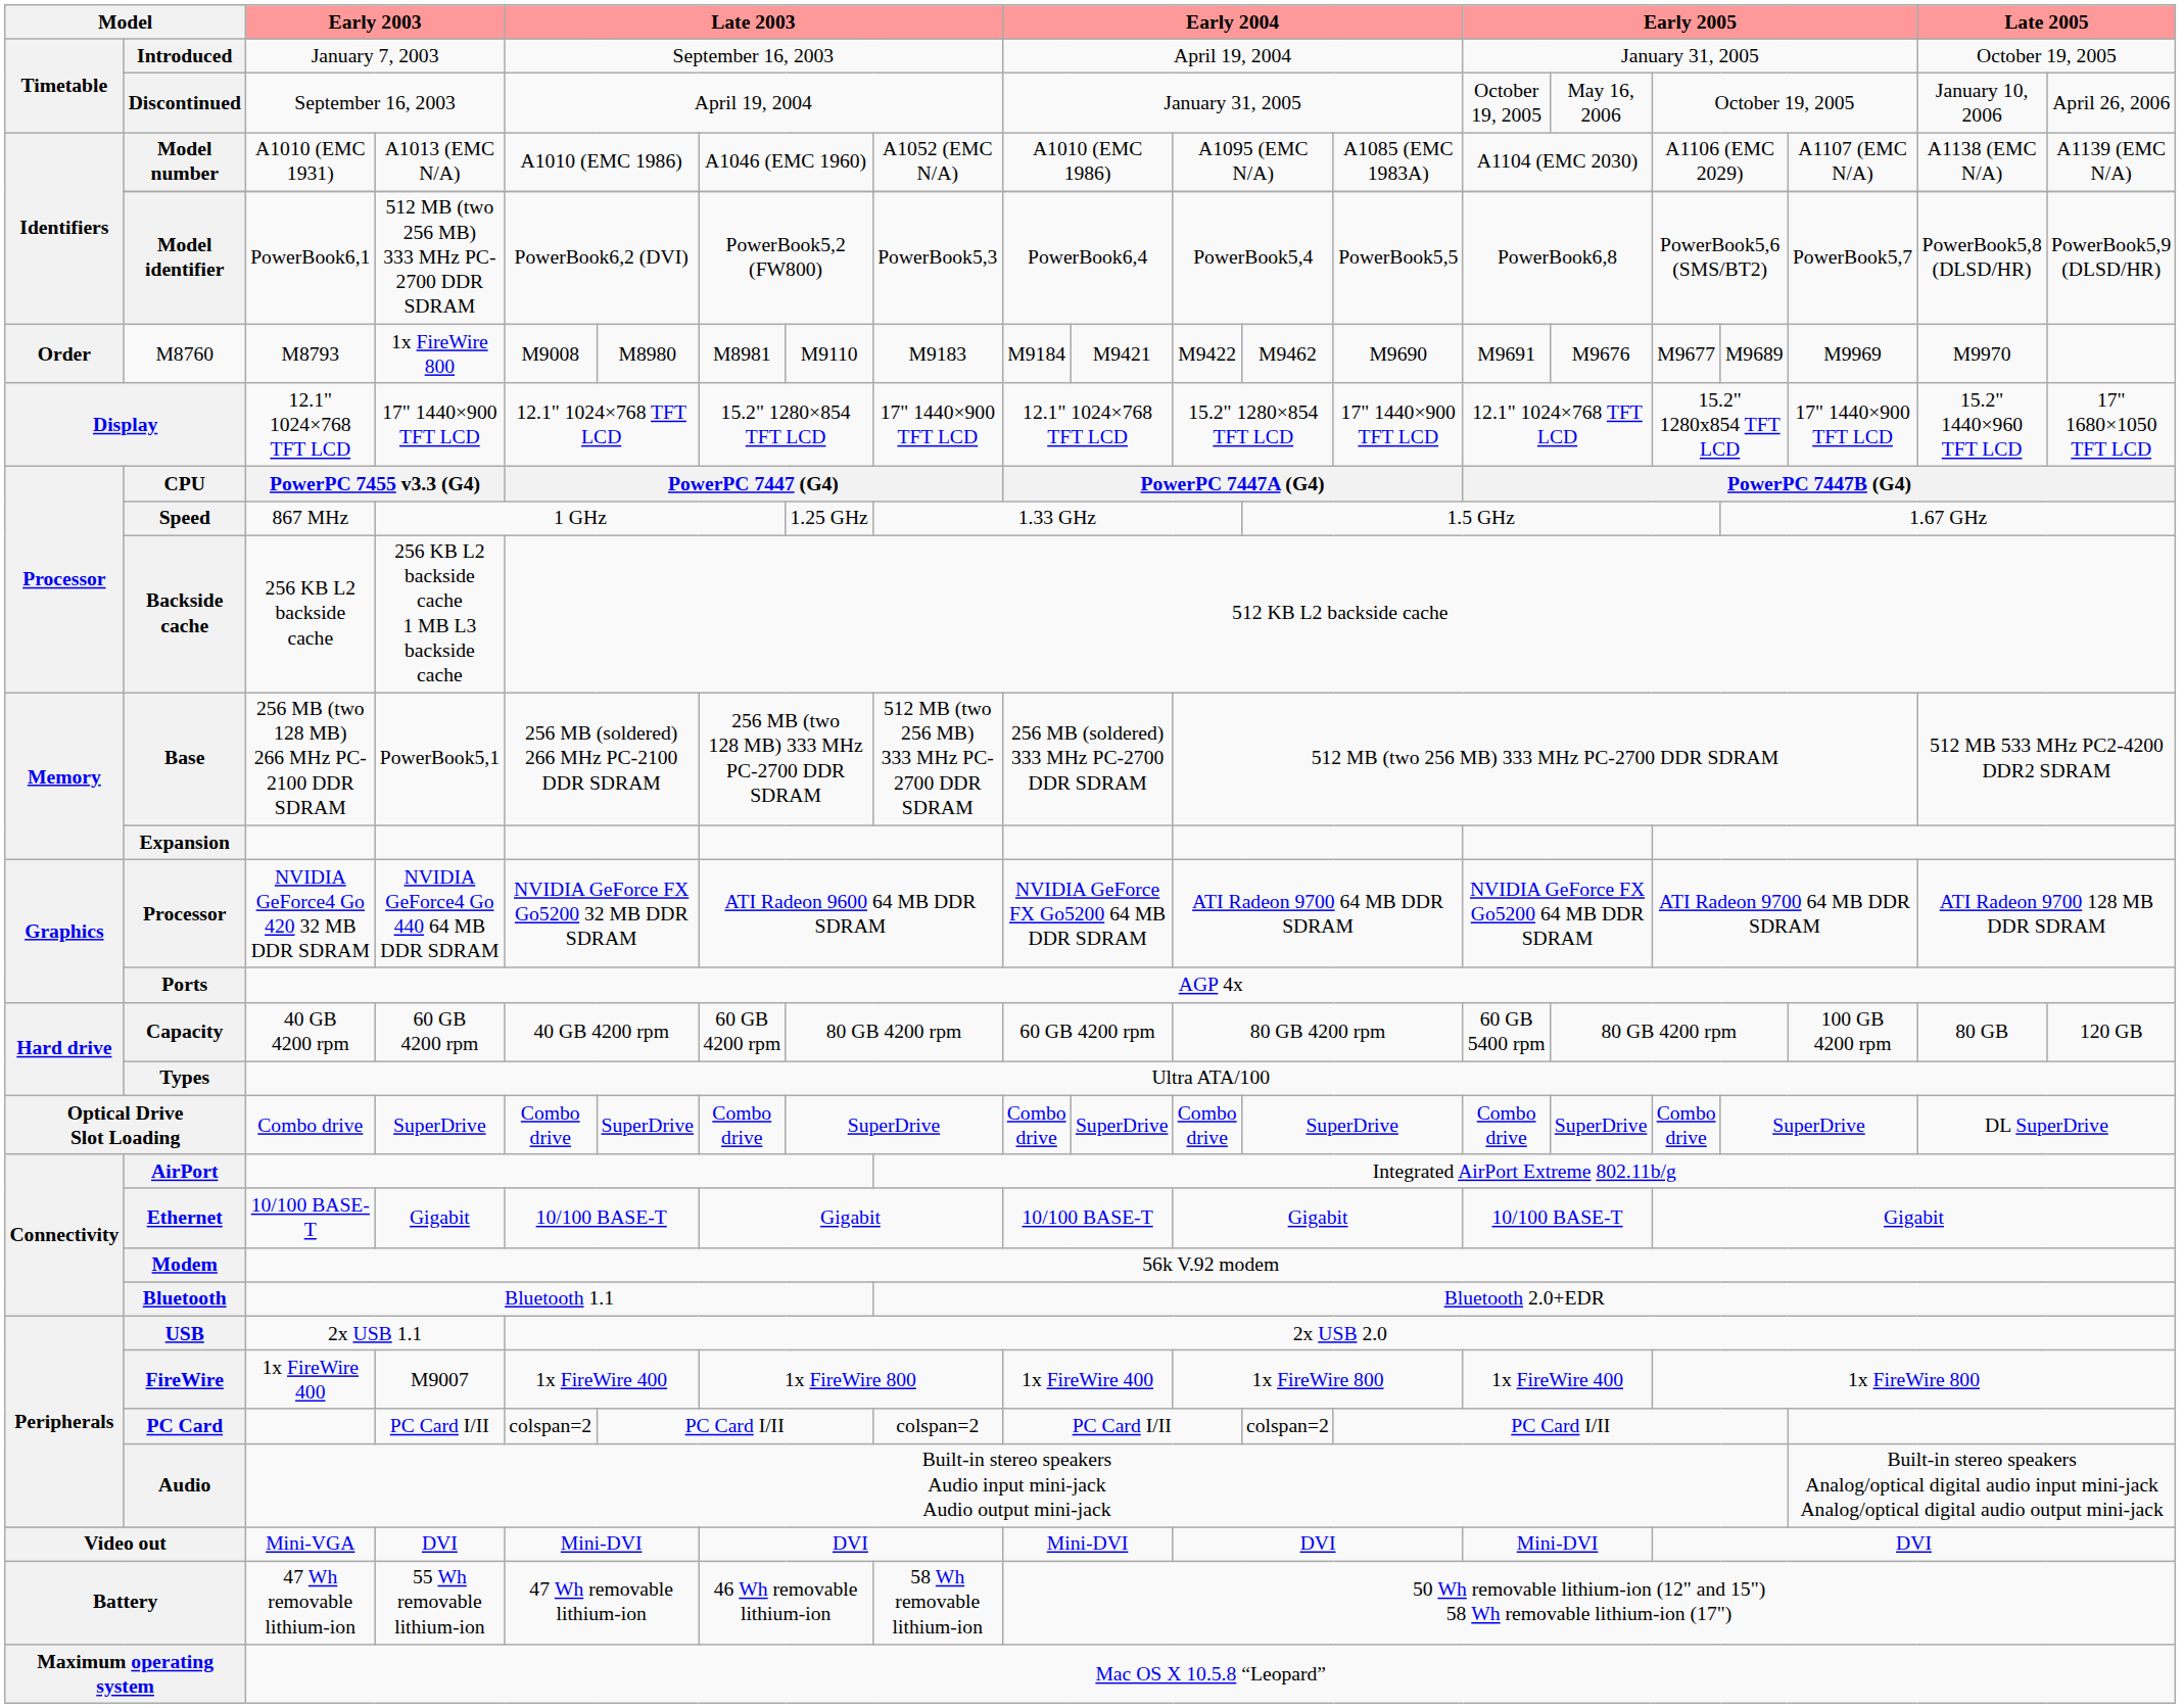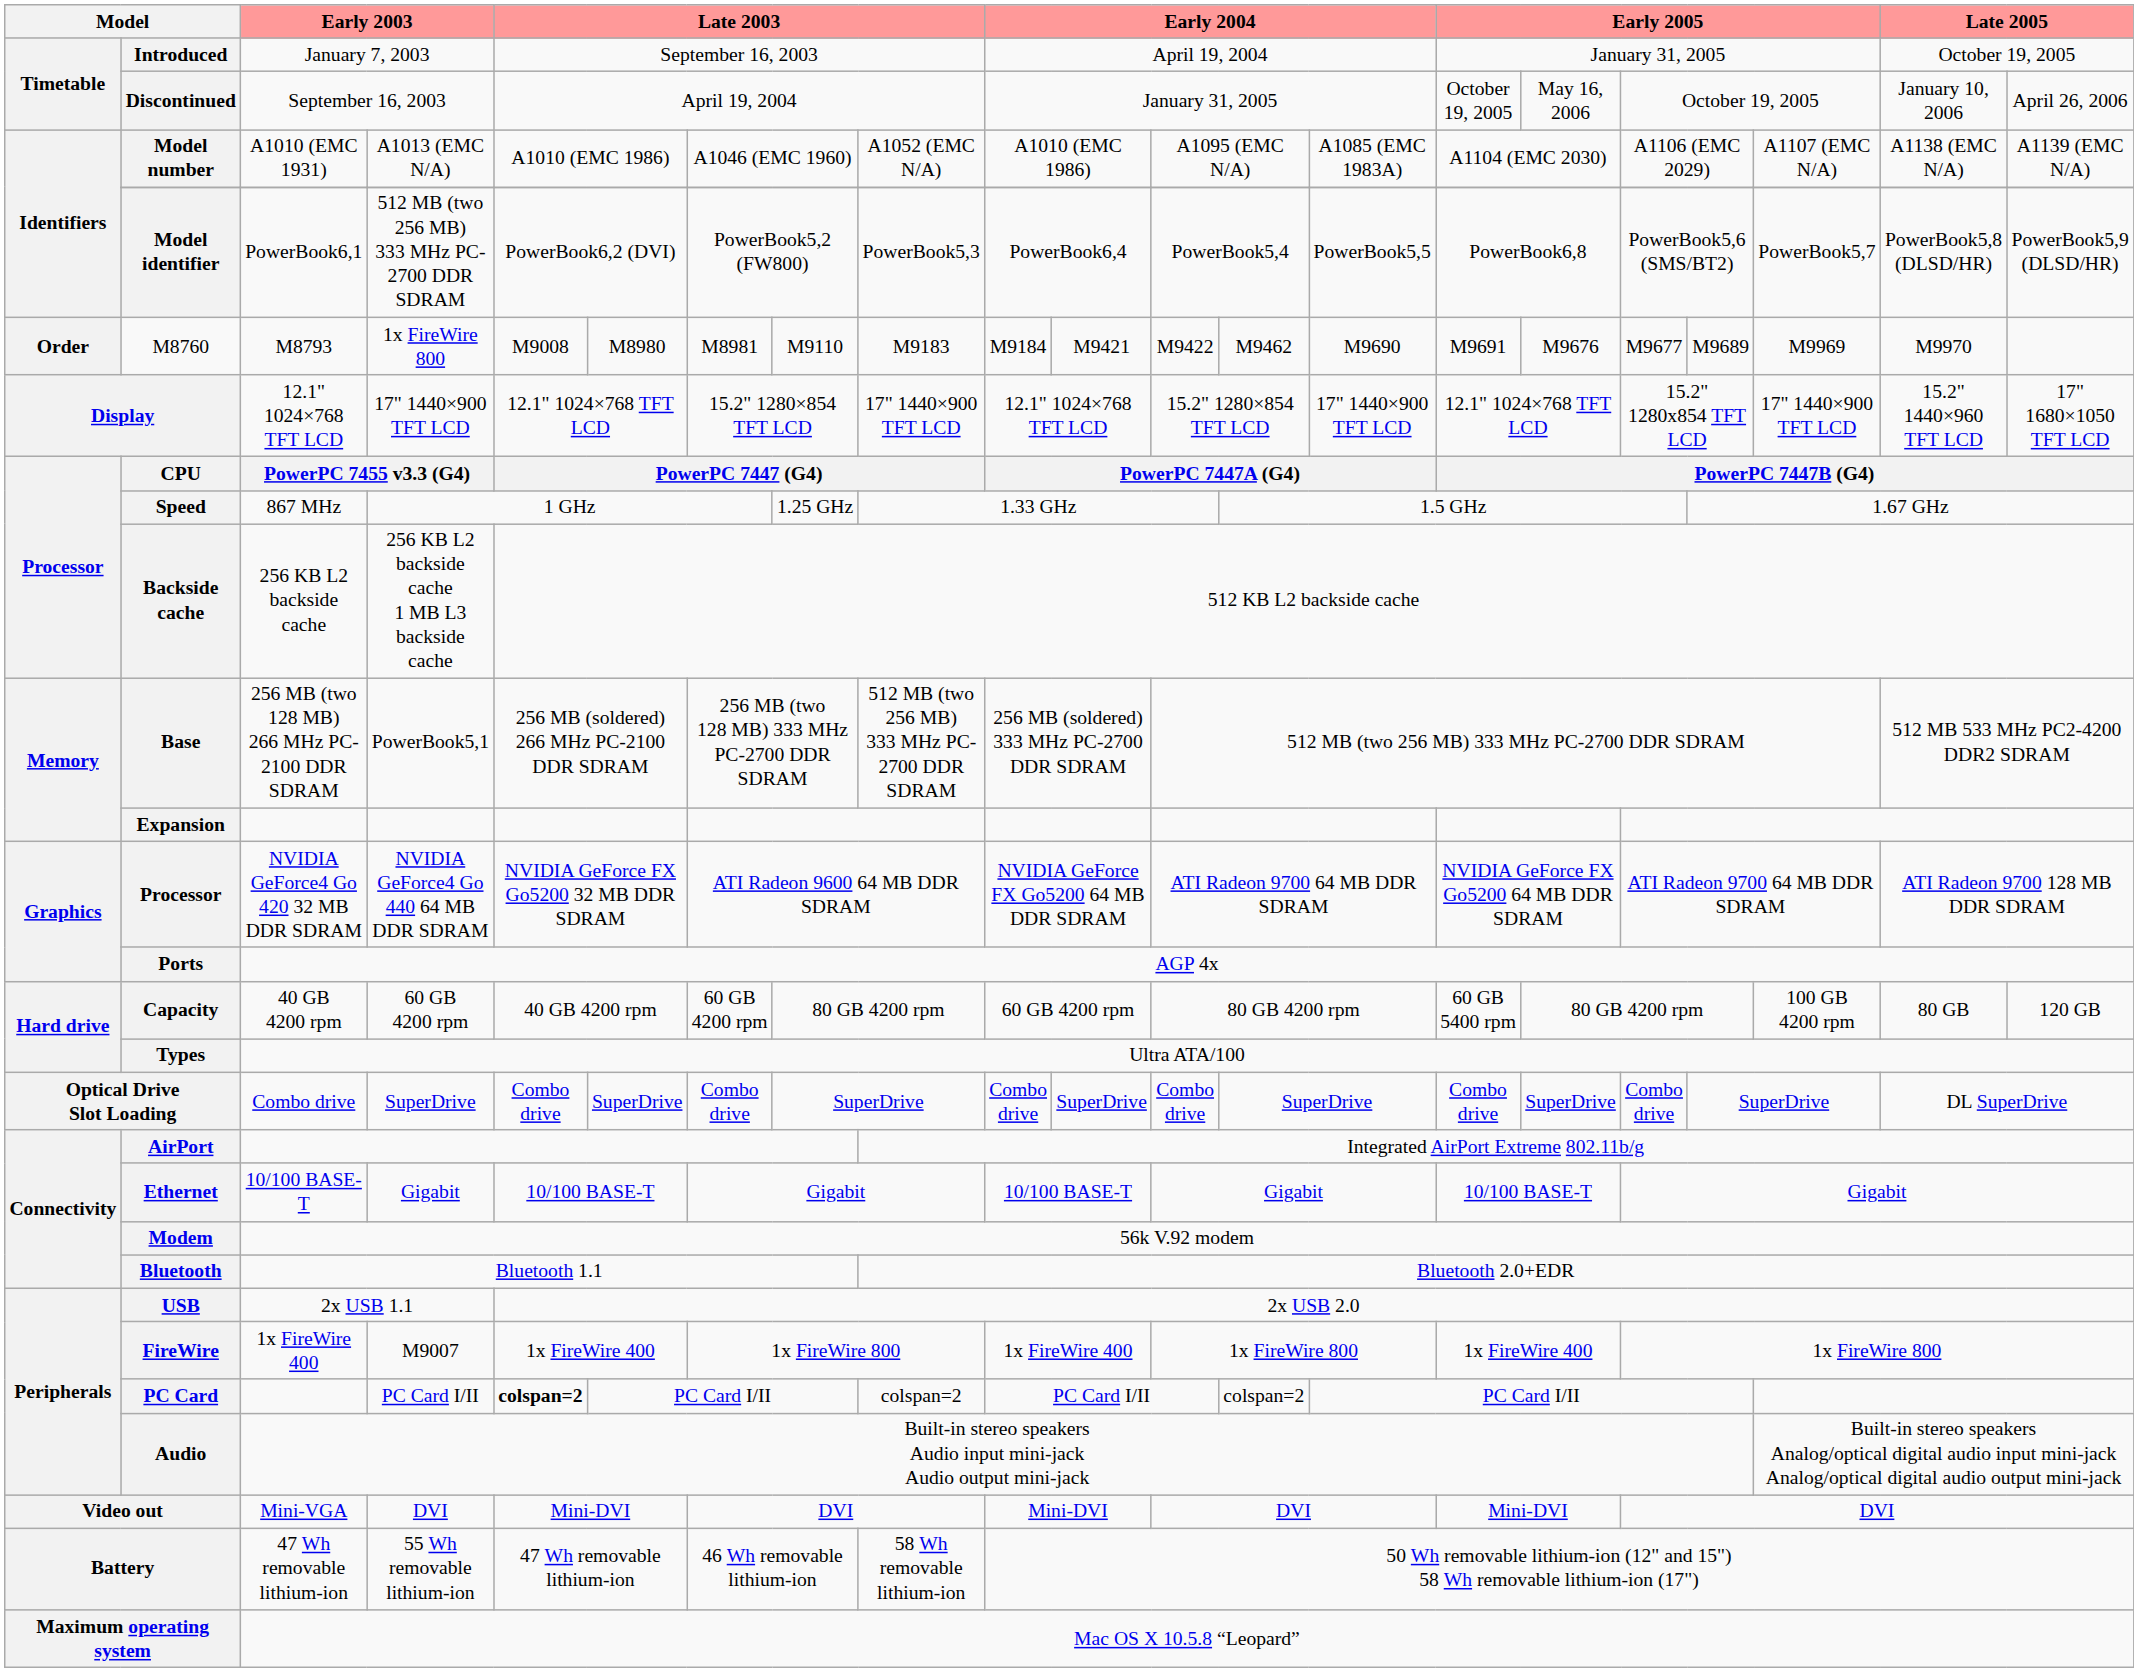 <table class="wikitable mw-collapsible" style="font-size:small; text-align:center">
 <tr>
 <th colspan=2>Model</th>
 <th colspan=2 style="background:#FF9999">Early 2003</th>
 <th colspan=5 style="background:#FF9999">Late 2003</th>
 <th colspan=5 style="background:#FF9999">Early 2004</th>
 <th colspan=5 style="background:#FF9999">Early 2005</th>
 <th colspan=2 style="background:#FF9999">Late 2005</th>
 </tr>
 <tr>
 <th rowspan=2>Timetable</th>
 <th>Introduced</th>
 <td colspan=2>January 7, 2003</td>
 <td colspan=5>September 16, 2003</td>
 <td colspan=5>April 19, 2004</td>
 <td colspan=5>January 31, 2005</td>
 <td colspan=2>October 19, 2005</td>
 </tr>
 <tr>
 <th>Discontinued</th>
 <td colspan=2>September 16, 2003</td>
 <td colspan=5>April 19, 2004</td>
 <td colspan=5>January 31, 2005</td>
 <td>October 19, 2005</td>
 <td>May 16, 2006</td>
 <td colspan=3>October 19, 2005</td>
 <td>January 10, 2006</td>
 <td>April 26, 2006</td>
 </tr>
 <tr>
 <th rowspan=3>Identifiers</th>
 <th>Model number</th>
 <td>A1010 (EMC 1931)</td>
 <td>A1013 (EMC N/A)</td>
 <td colspan=2>A1010 (EMC 1986)</td>
 <td colspan=2>A1046 (EMC 1960)</td>
 <td>A1052 (EMC N/A)</td>
 <td colspan=2>A1010 (EMC 1986)</td>
 <td colspan=2>A1095 (EMC N/A)</td>
 <td>A1085 (EMC 1983A)</td>
 <td colspan=2>A1104 (EMC 2030)</td>
 <td colspan=2>A1106 (EMC 2029)</td>
 <td>A1107 (EMC N/A)</td>
 <td>A1138 (EMC N/A)</td>
 <td>A1139 (EMC N/A)</td>
 </tr>
 <tr>
 </tr>
 <tr>
 <th>Model identifier</th>
 <td>PowerBook6,1</td>
 <td>512 MB (two 256 MB) 333 MHz PC-2700 DDR SDRAM</td>
 <td colspan=2>PowerBook6,2 (DVI)</td>
 <td colspan=2>PowerBook5,2 (FW800)</td>
 <td>PowerBook5,3</td>
 <td colspan=2>PowerBook6,4</td>
 <td colspan=2>PowerBook5,4</td>
 <td>PowerBook5,5</td>
 <td colspan=2>PowerBook6,8</td>
 <td colspan=2>PowerBook5,6 (SMS/BT2)</td>
 <td>PowerBook5,7</td>
 <td>PowerBook5,8 (DLSD/HR)</td>
 <td>PowerBook5,9 (DLSD/HR)</td>
 </tr>
 <tr>
 <th>Order</th>
 <td>M8760</td>
 <td>M8793</td>
 <td>1x <a href='#'>FireWire 800</a></td>
 <td>M9008</td>
 <td>M8980</td>
 <td>M8981</td>
 <td>M9110</td>
 <td>M9183</td>
 <td>M9184</td>
 <td>M9421</td>
 <td>M9422</td>
 <td>M9462</td>
 <td>M9690</td>
 <td>M9691</td>
 <td>M9676</td>
 <td>M9677</td>
 <td>M9689</td>
 <td>M9969</td>
 <td>M9970</td>
 </tr>
 <tr>
 <th colspan=2><a href='#'>Display</a></th>
 <td>12.1" 1024×768 <a href='#'>TFT LCD</a></td>
 <td>17" 1440×900 <a href='#'>TFT LCD</a></td>
 <td colspan=2>12.1" 1024×768 <a href='#'>TFT LCD</a></td>
 <td colspan=2>15.2" 1280×854 <a href='#'>TFT LCD</a></td>
 <td>17" 1440×900 <a href='#'>TFT LCD</a></td>
 <td colspan=2>12.1" 1024×768 <a href='#'>TFT LCD</a></td>
 <td colspan=2>15.2" 1280×854 <a href='#'>TFT LCD</a></td>
 <td>17" 1440×900 <a href='#'>TFT LCD</a></td>
 <td colspan=2>12.1" 1024×768 <a href='#'>TFT LCD</a></td>
 <td colspan=2>15.2" 1280x854  <a href='#'>TFT LCD</a></td>
 <td>17" 1440×900 <a href='#'>TFT LCD</a></td>
 <td>15.2" 1440×960 <a href='#'>TFT LCD</a></td>
 <td>17" 1680×1050 <a href='#'>TFT LCD</a></td>
 </tr>
 <tr>
 <th rowspan=3><a href='#'>Processor</a></th>
 <th>CPU</th>
 <th colspan=2><a href='#'>PowerPC 7455</a> v3.3 (G4)</th>
 <th colspan=5><a href='#'>PowerPC 7447</a> (G4)</th>
 <th colspan=5><a href='#'>PowerPC 7447A</a> (G4)</th>
 <th colspan=7><a href='#'>PowerPC 7447B</a> (G4)</th>
 </tr>
 <tr>
 <th>Speed</th>
 <td>867 MHz</td>
 <td colspan=4>1 GHz</td>
 <td>1.25 GHz</td>
 <td colspan=4>1.33 GHz</td>
 <td colspan=5>1.5 GHz</td>
 <td colspan=4>1.67 GHz</td>
 </tr>
 <tr>
 <th>Backside cache</th>
 <td>256 KB L2 backside cache</td>
 <td>256 KB L2 backside cache<br>1 MB L3 backside cache</td>
 <td colspan=17>512 KB L2 backside cache</td>
 </tr>
 <tr>
 <th rowspan=2><a href='#'>Memory</a></th>
 <th>Base</th>
 <td>256 MB (two 128 MB) 266 MHz PC-2100 DDR SDRAM</td>
 <td>PowerBook5,1</td>
 <td colspan=2>256 MB (soldered) 266 MHz PC-2100 DDR SDRAM</td>
 <td colspan=2>256 MB (two 128 MB) 333 MHz PC-2700 DDR SDRAM</td>
 <td>512 MB (two 256 MB) 333 MHz PC-2700 DDR SDRAM</td>
 <td colspan=2>256 MB (soldered) 333 MHz PC-2700 DDR SDRAM</td>
 <td colspan=8>512 MB (two 256 MB) 333 MHz PC-2700 DDR SDRAM</td>
 <td colspan=2>512 MB 533 MHz PC2-4200 DDR2 SDRAM</td>
 </tr>
 <tr>
 <th>Expansion</th>
 <td></td>
 <td></td>
 <td colspan=2></td>
 <td colspan=3></td>
 <td colspan=2></td>
 <td colspan=3></td>
 <td colspan=2></td>
 <td colspan=5></td>
 </tr>
 <tr>
 <th rowspan=2><a href='#'>Graphics</a></th>
 <th>Processor</th>
 <td><a href='#'>NVIDIA GeForce4 Go 420</a> 32 MB DDR SDRAM</td>
 <td><a href='#'>NVIDIA GeForce4 Go 440</a> 64 MB DDR SDRAM</td>
 <td colspan=2><a href='#'>NVIDIA GeForce FX Go5200</a> 32 MB DDR SDRAM</td>
 <td colspan=3><a href='#'>ATI Radeon 9600</a> 64 MB DDR SDRAM</td>
 <td colspan=2><a href='#'>NVIDIA GeForce FX Go5200</a> 64 MB DDR SDRAM</td>
 <td colspan=3><a href='#'>ATI Radeon 9700</a> 64 MB DDR SDRAM<br></td>
 <td colspan=2><a href='#'>NVIDIA GeForce FX Go5200</a> 64 MB DDR SDRAM</td>
 <td colspan=3><a href='#'>ATI Radeon 9700</a> 64 MB DDR SDRAM<br></td>
 <td colspan=2><a href='#'>ATI Radeon 9700</a> 128 MB DDR SDRAM</td>
 </tr>
 <tr>
 <th>Ports</th>
 <td colspan=19><a href='#'>AGP</a> 4x</td>
 </tr>
 <tr>
 <th rowspan=2><a href='#'>Hard drive</a></th>
 <th>Capacity</th>
 <td>40 GB 4200 rpm</td>
 <td>60 GB 4200 rpm</td>
 <td colspan=2>40 GB 4200 rpm</td>
 <td>60 GB 4200 rpm</td>
 <td colspan=2>80 GB 4200 rpm</td>
 <td colspan=2>60 GB 4200 rpm</td>
 <td colspan=3>80 GB 4200 rpm</td>
 <td>60 GB 5400 rpm</td>
 <td colspan=3>80 GB 4200 rpm</td>
 <td>100 GB 4200 rpm</td>
 <td>80 GB</td>
 <td>120 GB</td>
 </tr>
 <tr>
 <th>Types</th>
 <td colspan=19>Ultra ATA/100</td>
 </tr>
 <tr>
 <th colspan=2>Optical Drive<br>Slot Loading</th>
 <td><a href='#'>Combo drive</a></td>
 <td><a href='#'>SuperDrive</a></td>
 <td><a href='#'>Combo drive</a></td>
 <td><a href='#'>SuperDrive</a></td>
 <td><a href='#'>Combo drive</a></td>
 <td colspan=2><a href='#'>SuperDrive</a></td>
 <td><a href='#'>Combo drive</a></td>
 <td><a href='#'>SuperDrive</a></td>
 <td><a href='#'>Combo drive</a></td>
 <td colspan=2><a href='#'>SuperDrive</a></td>
 <td><a href='#'>Combo drive</a></td>
 <td><a href='#'>SuperDrive</a></td>
 <td><a href='#'>Combo drive</a></td>
 <td colspan=2><a href='#'>SuperDrive</a></td>
 <td colspan=2>DL <a href='#'>SuperDrive</a></td>
 </tr>
 <tr>
 <th rowspan=4>Connectivity</th>
 <th><a href='#'>AirPort</a></th>
 <td colspan=6></td>
 <td colspan=13>Integrated <a href='#'>AirPort Extreme</a> <a href='#'>802.11b/g</a></td>
 </tr>
 <tr>
 <th><a href='#'>Ethernet</a></th>
 <td><a href='#'>10/100 BASE-T</a></td>
 <td><a href='#'>Gigabit</a></td>
 <td colspan=2><a href='#'>10/100 BASE-T</a></td>
 <td colspan=3><a href='#'>Gigabit</a></td>
 <td colspan=2><a href='#'>10/100 BASE-T</a></td>
 <td colspan=3><a href='#'>Gigabit</a></td>
 <td colspan=2><a href='#'>10/100 BASE-T</a></td>
 <td colspan=5><a href='#'>Gigabit</a></td>
 </tr>
 <tr>
 <th><a href='#'>Modem</a></th>
 <td colspan=19>56k V.92 modem</td>
 </tr>
 <tr>
 <th><a href='#'>Bluetooth</a></th>
 <td colspan=6><a href='#'>Bluetooth</a> 1.1</td>
 <td colspan=13><a href='#'>Bluetooth</a> 2.0+EDR</td>
 </tr>
 <tr>
 <th rowspan=4>Peripherals</th>
 <th><a href='#'>USB</a></th>
 <td colspan=2>2x <a href='#'>USB</a> 1.1</td>
 <td colspan=17>2x <a href='#'>USB</a> 2.0</td>
 </tr>
 <tr>
 <th><a href='#'>FireWire</a></th>
 <td>1x <a href='#'>FireWire 400</a></td>
 <td>M9007</td>
 <td colspan=2>1x <a href='#'>FireWire 400</a></td>
 <td colspan=3>1x <a href='#'>FireWire 800</a></td>
 <td colspan=2>1x <a href='#'>FireWire 400</a></td>
 <td colspan=3>1x <a href='#'>FireWire 800</a></td>
 <td colspan=2>1x <a href='#'>FireWire 400</a></td>
 <td colspan=5>1x <a href='#'>FireWire 800</a></td>
 </tr>
 <tr>
 <th><a href='#'>PC Card</a></th>
 <td></td>
 <td><a href='#'>PC Card</a> I/II</td>
-<td>colspan=2 </td>
+<td><strong>colspan=2 </strong></td>
 <td colspan=3><a href='#'>PC Card</a> I/II</td>
 <td>colspan=2 </td>
 <td colspan=3><a href='#'>PC Card</a> I/II</td>
 <td>colspan=2 </td>
 <td colspan=5><a href='#'>PC Card</a> I/II</td>
 </tr>
 <tr>
 <th>Audio</th>
 <td colspan=16>Built-in stereo speakers<br>Audio input mini-jack<br>Audio output mini-jack</td>
 <td colspan=3>Built-in stereo speakers<br>Analog/optical digital audio input mini-jack<br>Analog/optical digital audio output mini-jack</td>
 </tr>
 <tr>
 <th colspan=2>Video out</th>
 <td><a href='#'>Mini-VGA</a></td>
 <td><a href='#'>DVI</a></td>
 <td colspan=2><a href='#'>Mini-DVI</a></td>
 <td colspan=3><a href='#'>DVI</a></td>
 <td colspan=2><a href='#'>Mini-DVI</a></td>
 <td colspan=3><a href='#'>DVI</a></td>
 <td colspan=2><a href='#'>Mini-DVI</a></td>
 <td colspan=5><a href='#'>DVI</a></td>
 </tr>
 <tr>
 <th colspan=2>Battery</th>
 <td>47 <a href='#'>Wh</a> removable lithium-ion</td>
 <td>55 <a href='#'>Wh</a> removable lithium-ion</td>
 <td colspan=2>47 <a href='#'>Wh</a> removable lithium-ion</td>
 <td colspan=2>46 <a href='#'>Wh</a> removable lithium-ion</td>
 <td>58 <a href='#'>Wh</a> removable lithium-ion</td>
 <td colspan=12>50 <a href='#'>Wh</a> removable lithium-ion (12" and 15")<br>58 <a href='#'>Wh</a> removable lithium-ion (17")</td>
 </tr>
 <tr>
 <th colspan=2>Maximum <a href='#'>operating system</a></th>
 <td colspan=19><a href='#'>Mac OS X 10.5.8</a> “Leopard”</td>
 </tr>
 </table>
